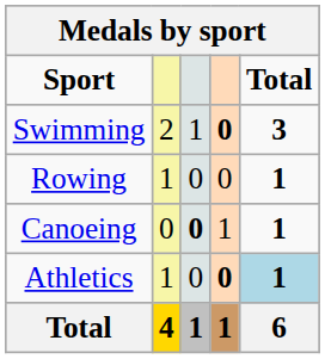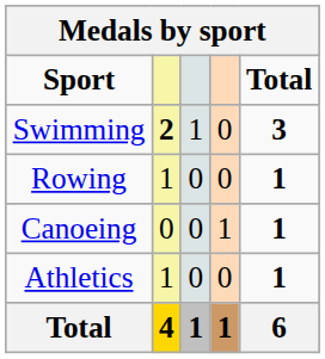 <table class=wikitable style="font-size:95%">
 <tr bgcolor=efefef>
 <th colspan=5>Medals by sport</th>
 </tr>
 <tr align=center>
 <td><strong>Sport</strong></td>
 <td bgcolor=#f7f6a8></td>
 <td bgcolor=#dce5e5></td>
 <td bgcolor=#ffdab9></td>
 <td><strong>Total</strong></td>
 </tr>
 <tr align=center>
 <td><a href='#'>Swimming</a></td>
-<td style="background:#F7F6A8;">2</td>
+<td style="background:#F7F6A8;"><strong>2</strong></td>
 <td style="background:#DCE5E5;">1</td>
-<td style="background:#FFDAB9;"><strong>0</strong></td>
+<td style="background:#FFDAB9;">0</td>
 <td><strong>3</strong></td>
 </tr>
 <tr align=center>
 <td><a href='#'>Rowing</a></td>
 <td style="background:#F7F6A8;">1</td>
 <td style="background:#DCE5E5;">0</td>
 <td style="background:#FFDAB9;">0</td>
 <td><strong>1</strong></td>
 </tr>
 <tr align=center>
 <td><a href='#'>Canoeing</a></td>
 <td style="background:#F7F6A8;">0</td>
-<td style="background:#DCE5E5;"><strong>0</strong></td>
+<td style="background:#DCE5E5;">0</td>
 <td style="background:#FFDAB9;">1</td>
 <td><strong>1</strong></td>
 </tr>
 <tr align=center>
 <td><a href='#'>Athletics</a></td>
 <td style="background:#F7F6A8;">1</td>
 <td style="background:#DCE5E5;">0</td>
-<td style="background:#FFDAB9;"><strong>0</strong></td>
-<td style="background: lightblue;"><strong>1</strong></td>
+<td style="background:#FFDAB9;">0</td>
+<td><strong>1</strong></td>
 </tr>
 <tr align=center>
 <th>Total</th>
 <th style="background:gold;">4</th>
 <th style="background:silver;">1</th>
 <th style="background:#c96;">1</th>
 <th>6</th>
 </tr>
 </table>
